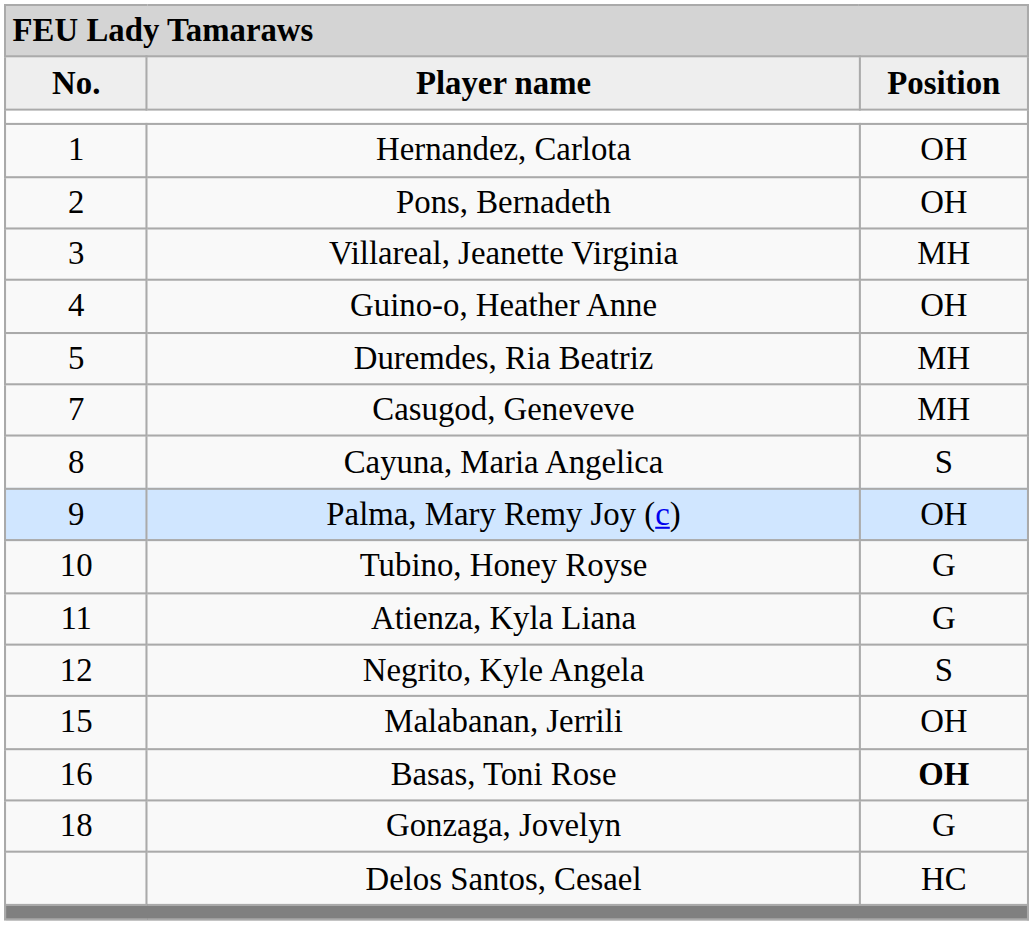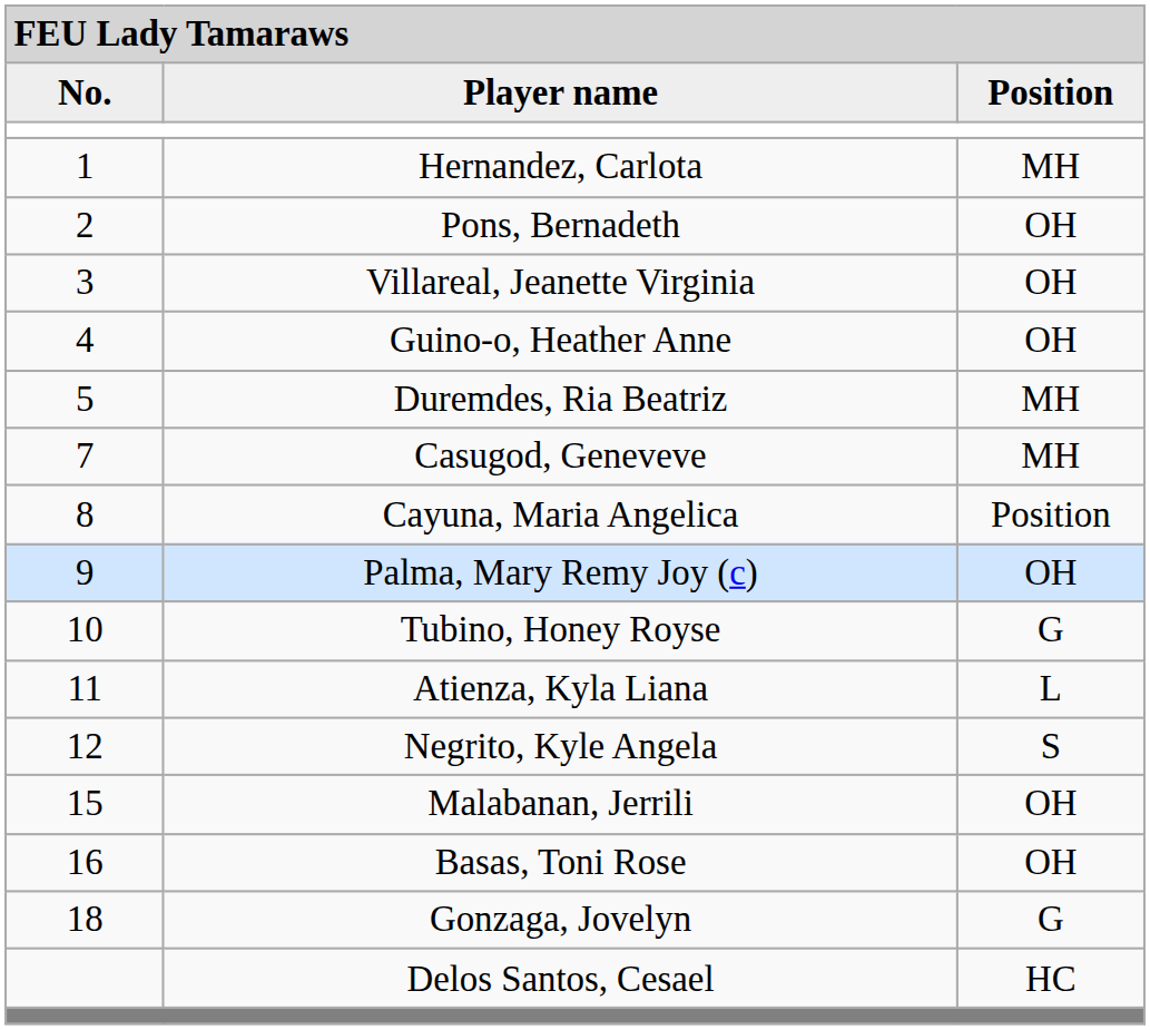 <table class='wikitable mw-collapsible mw-collapsed' style='text-align: center; width: 500px; border: none;'>
 <tr>
 <th style="background:#D4D4D4; text-align:left;" colspan=3> FEU Lady Tamaraws</th>
 </tr>
 <tr style="background:#EEEEEE; font-weight:bold;">
 <td width=10%>No.</td>
 <td width=50%>Player name</td>
 <td width=10%>Position</td>
 </tr>
 <tr style="background:#FFFFFF;">
 <td colspan=3 align=center></td>
 </tr>
 <tr>
 <td align=center>1</td>
 <td>Hernandez, Carlota</td>
-<td align=center>OH</td>
+<td align=center>MH</td>
 </tr>
 <tr>
 <td align=center>2</td>
 <td>Pons, Bernadeth</td>
 <td align=center>OH</td>
 </tr>
 <tr>
 <td align=center>3</td>
 <td>Villareal, Jeanette Virginia</td>
-<td align=center>MH</td>
+<td align=center>OH</td>
 </tr>
 <tr>
 <td align=center>4</td>
 <td>Guino-o, Heather Anne</td>
 <td align=center>OH</td>
 </tr>
 <tr>
 <td align=center>5</td>
 <td>Duremdes, Ria Beatriz</td>
 <td align=center>MH</td>
 </tr>
 <tr>
 <td align=center>7</td>
 <td>Casugod, Geneveve</td>
 <td align=center>MH</td>
 </tr>
 <tr>
 <td align=center>8</td>
 <td>Cayuna, Maria Angelica</td>
-<td align=center>S</td>
+<td width=10%>Position</td>
 </tr>
 <tr style="background: #D0E6FF;">
 <td align=center>9</td>
 <td>Palma, Mary Remy Joy (<a href='#'>c</a>)</td>
 <td align=center>OH</td>
 </tr>
 <tr>
 <td align=center>10</td>
 <td>Tubino, Honey Royse</td>
 <td align=center>G</td>
 </tr>
 <tr>
 <td align=center>11</td>
 <td>Atienza, Kyla Liana</td>
-<td align=center>G</td>
+<td align=center>L</td>
 </tr>
 <tr>
 <td align=center>12</td>
 <td>Negrito, Kyle Angela</td>
 <td align=center>S</td>
 </tr>
 <tr>
 <td align=center>15</td>
 <td>Malabanan, Jerrili</td>
 <td align=center>OH</td>
 </tr>
 <tr>
 <td align=center>16</td>
 <td>Basas, Toni Rose</td>
-<td align=center><strong>OH</strong></td>
+<td align=center>OH</td>
 </tr>
 <tr>
 <td align=center>18</td>
 <td>Gonzaga, Jovelyn</td>
 <td align=center>G</td>
 </tr>
 <tr>
 <td align=center></td>
 <td>Delos Santos, Cesael</td>
 <td align=center>HC</td>
 </tr>
 <tr>
 <th style='background: grey;' colspan=3></th>
 </tr>
 </table>
